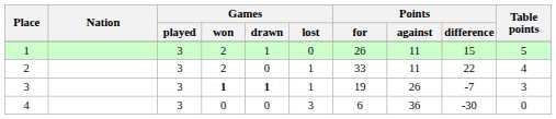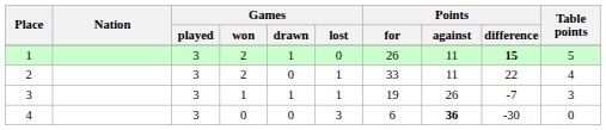 <table class="wikitable">
 <tr>
 <th rowspan=2 width="8%">Place</th>
 <th rowspan=2 width="20%">Nation</th>
 <th colspan=4 width="32%">Games</th>
 <th colspan=3 width="30%">Points</th>
 <th rowspan=2 width="10%">Table<br>points</th>
 </tr>
 <tr>
 <th width="8%">played</th>
 <th width="8%">won</th>
 <th width="8%">drawn</th>
 <th width="8%">lost</th>
 <th width="10%">for</th>
 <th width="10%">against</th>
 <th width="10%">difference</th>
 </tr>
 <tr>
 </tr>
 <tr bgcolor=#ccffcc align=center>
 <td>1</td>
 <td align=left></td>
 <td>3</td>
 <td>2</td>
 <td>1</td>
 <td>0</td>
 <td>26</td>
 <td>11</td>
-<td>15</td>
+<td><strong>15</strong></td>
 <td>5</td>
 </tr>
 <tr bgcolor=#ffffff align=center>
 <td>2</td>
 <td align=left></td>
 <td>3</td>
 <td>2</td>
 <td>0</td>
 <td>1</td>
 <td>33</td>
 <td>11</td>
 <td>22</td>
 <td>4</td>
 </tr>
 <tr bgcolor=#ffffff align=center>
 <td>3</td>
 <td align=left></td>
 <td>3</td>
-<td><strong>1</strong></td>
-<td><strong>1</strong></td>
+<td>1</td>
+<td>1</td>
 <td>1</td>
 <td>19</td>
 <td>26</td>
 <td>-7</td>
 <td>3</td>
 </tr>
 <tr bgcolor=#ffffff align=center>
 <td>4</td>
 <td align=left></td>
 <td>3</td>
 <td>0</td>
 <td>0</td>
 <td>3</td>
 <td>6</td>
-<td>36</td>
+<td><strong>36</strong></td>
 <td>-30</td>
 <td>0</td>
 </tr>
 </table>
